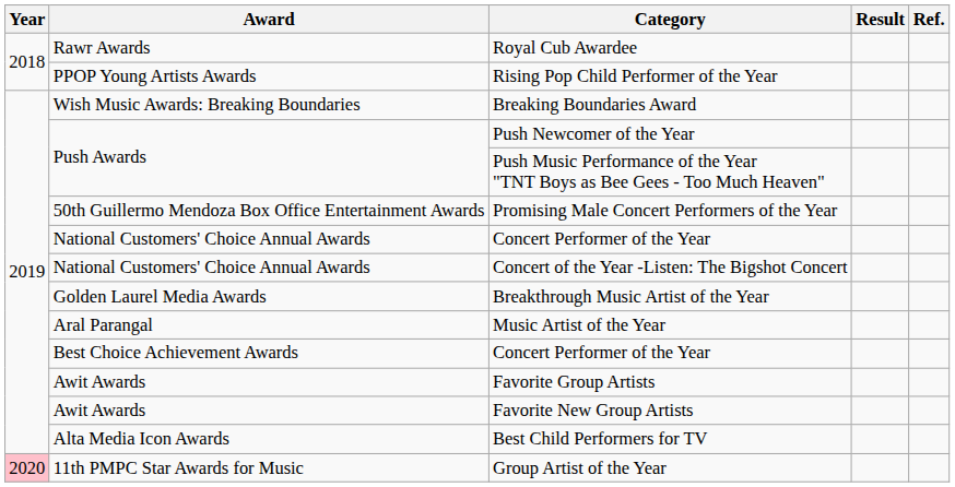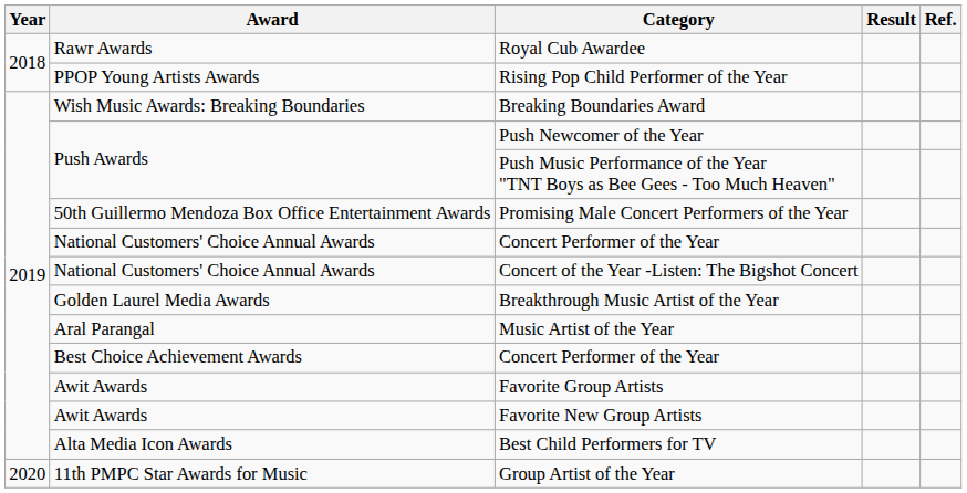 <table class="wikitable">
 <tr>
 <th>Year</th>
 <th>Award</th>
 <th>Category</th>
 <th>Result</th>
 <th>Ref.</th>
 </tr>
 <tr>
 <td rowspan="2">2018</td>
 <td>Rawr Awards</td>
 <td>Royal Cub Awardee</td>
 <td></td>
 <td></td>
 </tr>
 <tr>
 <td>PPOP Young Artists Awards</td>
 <td>Rising Pop Child Performer of the Year</td>
 <td></td>
 <td></td>
 </tr>
 <tr>
 <td rowspan="12">2019</td>
 <td>Wish Music Awards: Breaking Boundaries</td>
 <td>Breaking Boundaries Award</td>
 <td></td>
 <td></td>
 </tr>
 <tr>
 <td rowspan="2">Push Awards</td>
 <td>Push Newcomer of the Year</td>
 <td></td>
 <td></td>
 </tr>
 <tr>
 <td>Push Music Performance of the Year<br>"TNT Boys as Bee Gees - Too Much Heaven"</td>
 <td></td>
 <td></td>
 </tr>
 <tr>
 <td>50th Guillermo Mendoza Box Office Entertainment Awards</td>
 <td>Promising Male Concert Performers of the Year</td>
 <td></td>
 <td></td>
 </tr>
 <tr>
 <td>National Customers' Choice Annual Awards</td>
 <td>Concert Performer of the Year</td>
 <td></td>
 <td></td>
 </tr>
 <tr>
 <td>National Customers' Choice Annual Awards</td>
 <td>Concert of the Year -Listen: The Bigshot Concert</td>
 <td></td>
 <td></td>
 </tr>
 <tr>
 <td>Golden Laurel Media Awards</td>
 <td>Breakthrough Music Artist of the Year</td>
 <td></td>
 <td></td>
 </tr>
 <tr>
 <td>Aral Parangal</td>
 <td>Music Artist of the Year</td>
 <td></td>
 <td></td>
 </tr>
 <tr>
 <td>Best Choice Achievement Awards</td>
 <td>Concert Performer of the Year</td>
 <td></td>
 <td></td>
 </tr>
 <tr>
 <td>Awit Awards</td>
 <td>Favorite Group Artists</td>
 <td></td>
 <td></td>
 </tr>
 <tr>
 <td>Awit Awards</td>
 <td>Favorite New Group Artists</td>
 <td></td>
 <td></td>
 </tr>
 <tr>
 <td>Alta Media Icon Awards</td>
 <td>Best Child Performers for TV</td>
 <td></td>
 <td></td>
 </tr>
 <tr>
-<td style="background: pink;">2020</td>
+<td>2020</td>
 <td>11th PMPC Star Awards for Music</td>
 <td>Group Artist of the Year</td>
 <td></td>
 <td></td>
 </tr>
 </table>
